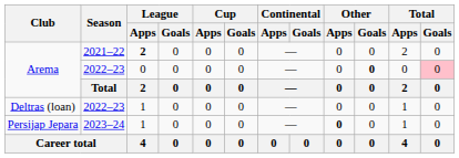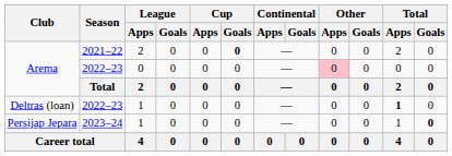 <table class="wikitable" style="text-align: center">
 <tr>
 <th rowspan="2">Club</th>
 <th rowspan="2">Season</th>
 <th colspan="2">League</th>
 <th colspan="2">Cup</th>
 <th colspan="2">Continental</th>
 <th colspan="2">Other</th>
 <th colspan="2">Total</th>
 </tr>
 <tr>
 <th>Apps</th>
 <th>Goals</th>
 <th>Apps</th>
 <th>Goals</th>
 <th>Apps</th>
 <th>Goals</th>
 <th>Apps</th>
 <th>Goals</th>
 <th>Apps</th>
 <th>Goals</th>
 </tr>
 <tr>
 <td rowspan="3"><a href='#'>Arema</a></td>
 <td><a href='#'>2021–22</a></td>
-<td><strong>2</strong></td>
+<td>2</td>
 <td>0</td>
 <td>0</td>
-<td>0</td>
+<td><strong>0</strong></td>
 <td colspan="2">—</td>
 <td>0</td>
 <td>0</td>
 <td>2</td>
 <td>0</td>
 </tr>
 <tr>
 <td><a href='#'>2022–23</a></td>
 <td>0</td>
 <td>0</td>
 <td>0</td>
 <td>0</td>
 <td colspan="2">—</td>
+<td style="background: pink;">0</td>
 <td>0</td>
-<td><strong>0</strong></td>
 <td>0</td>
-<td style="background: pink;">0</td>
+<td>0</td>
 </tr>
 <tr>
 <th colspan="1">Total</th>
 <th>2</th>
 <th>0</th>
 <th>0</th>
 <th>0</th>
 <th colspan="2">—</th>
 <th>0</th>
 <th>0</th>
 <th>2</th>
 <th>0</th>
 </tr>
 <tr>
 <td><a href='#'>Deltras</a> (loan)</td>
 <td><a href='#'>2022–23</a></td>
 <td>1</td>
 <td>0</td>
 <td>0</td>
 <td>0</td>
 <td colspan="2">—</td>
 <td>0</td>
 <td>0</td>
-<td>1</td>
+<td><strong>1</strong></td>
 <td>0</td>
 </tr>
 <tr>
 <td><a href='#'>Persijap Jepara</a></td>
 <td><a href='#'>2023–24</a></td>
 <td>1</td>
 <td>0</td>
 <td>0</td>
 <td>0</td>
 <td colspan="2">—</td>
-<td><strong>0</strong></td>
+<td>0</td>
 <td>0</td>
 <td>1</td>
-<td>0</td>
+<td><strong>0</strong></td>
 </tr>
 <tr>
 <th colspan=2>Career total</th>
 <th>4</th>
 <th>0</th>
 <th>0</th>
 <th>0</th>
 <th>0</th>
 <th>0</th>
 <th>0</th>
 <th>0</th>
 <th>4</th>
 <th>0</th>
 </tr>
 </table>
